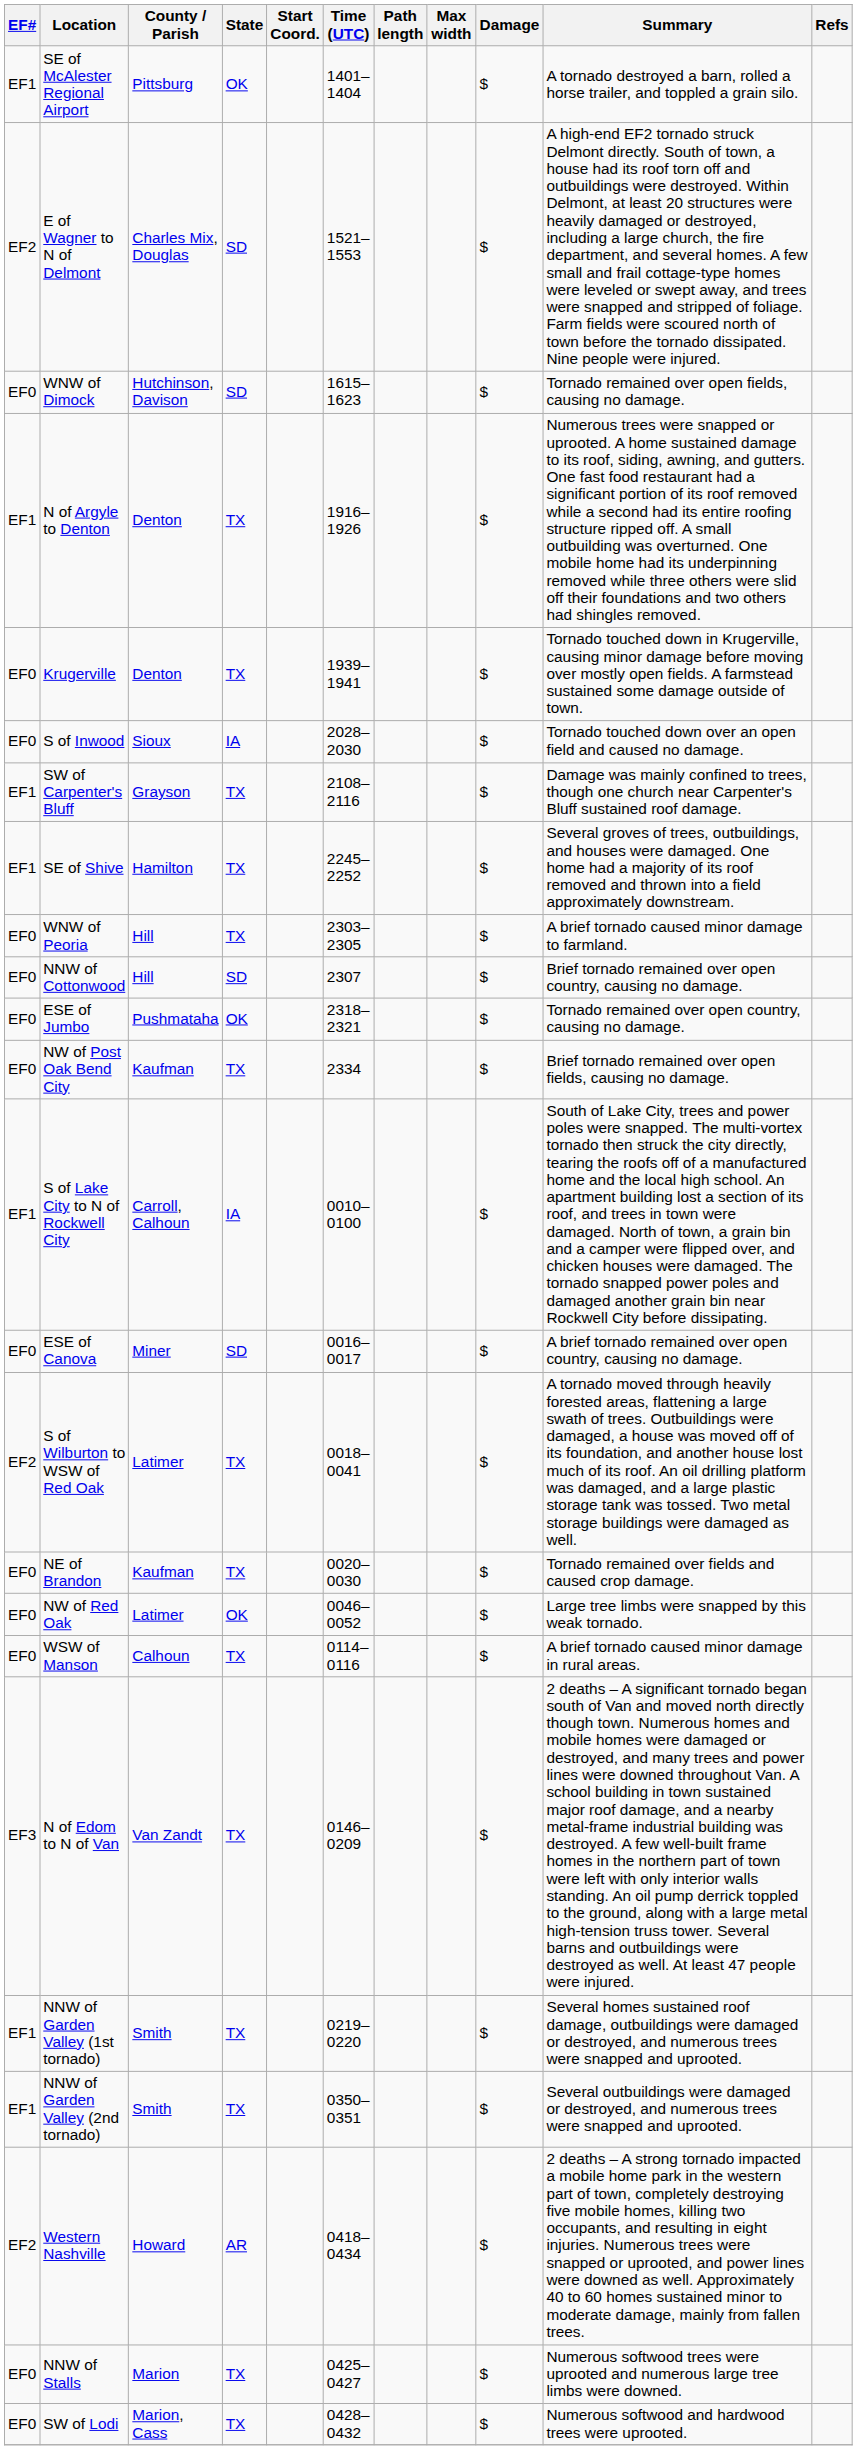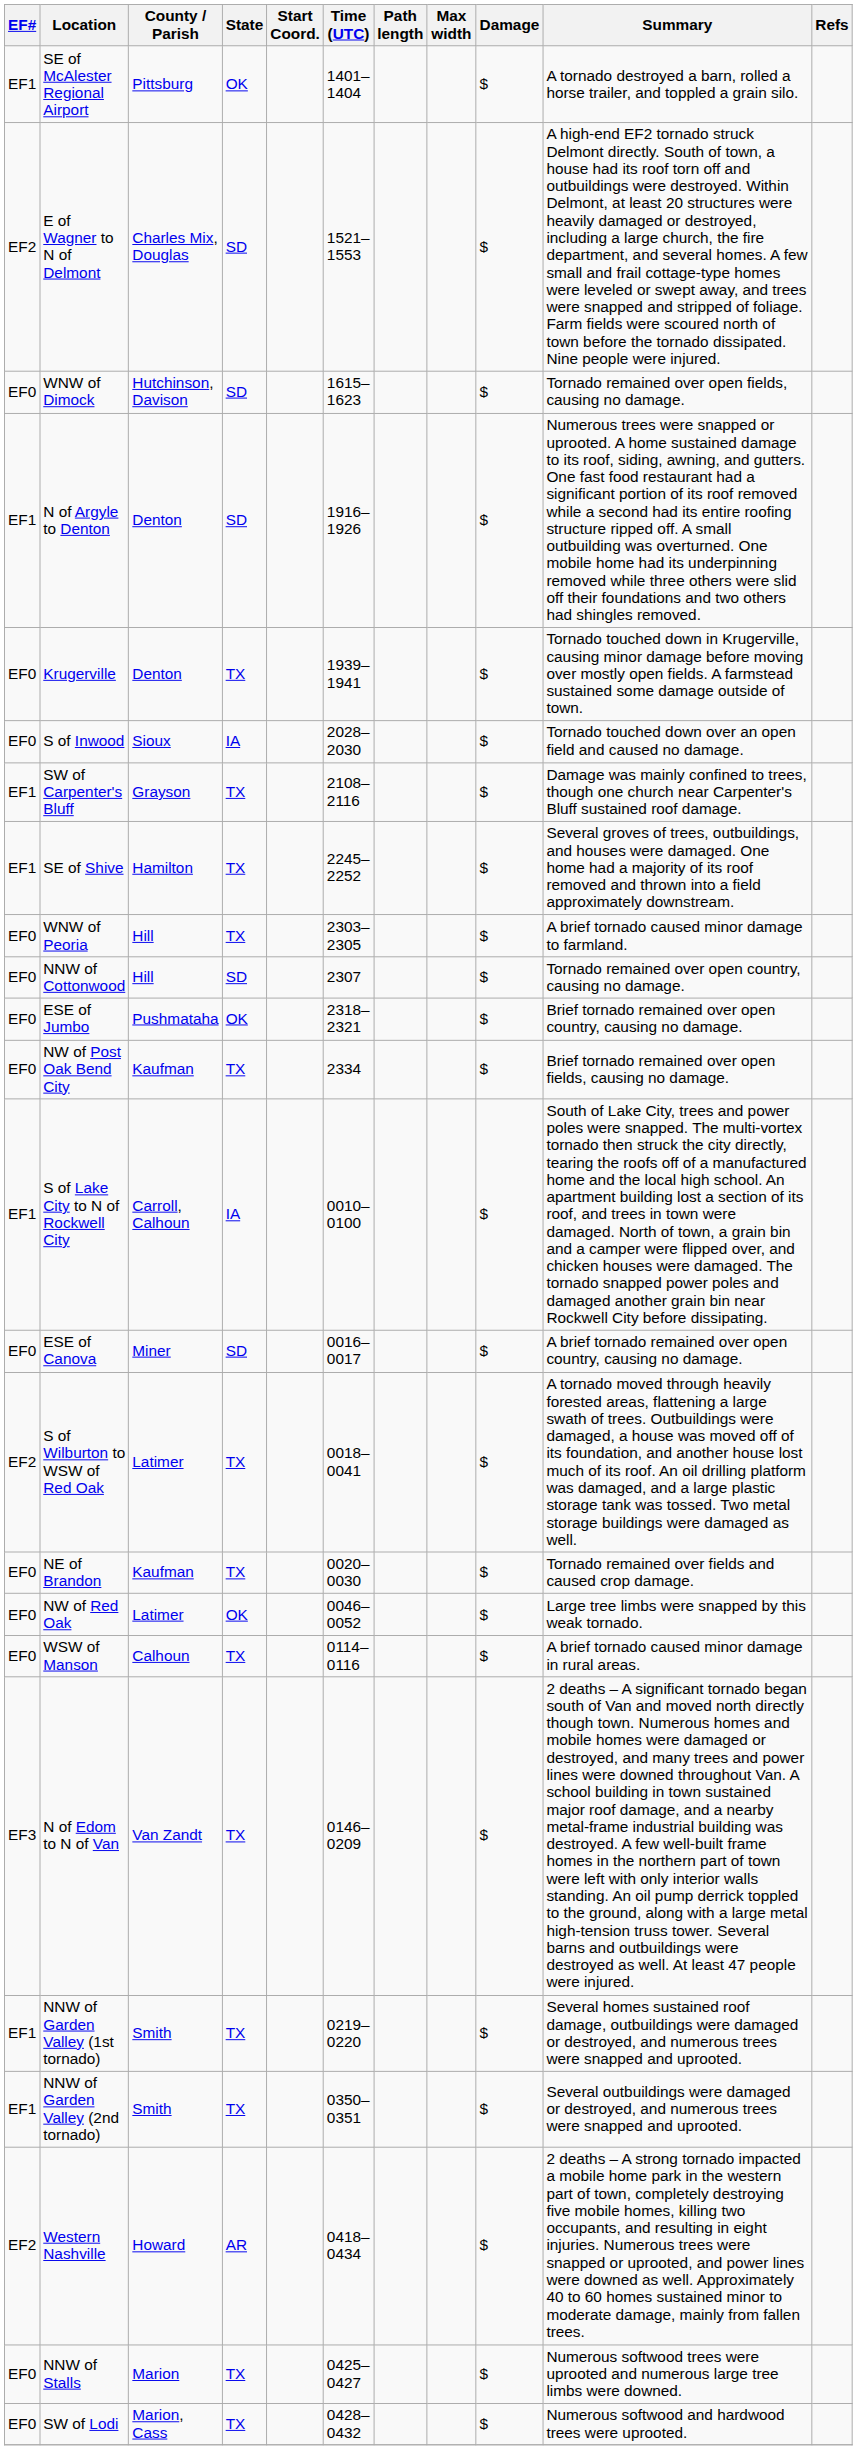 <table class="wikitable sortable" style="width:100%;">
 <tr>
 <th scope="col" width="3%" align="center"><a href='#'>EF#</a></th>
 <th scope="col" width="7%" align="center" class="unsortable">Location</th>
 <th scope="col" width="6%" align="center" class="unsortable">County / Parish</th>
 <th scope="col" width="5%" align="center">State</th>
 <th scope="col" width="6%" align="center">Start Coord.</th>
 <th scope="col" width="6%" align="center">Time (<a href='#'>UTC</a>)</th>
 <th scope="col" width="6%" align="center">Path length</th>
 <th scope="col" width="6%" align="center">Max width</th>
 <th scope="col" width="6%" align="center">Damage</th>
 <th scope="col" width="48%" class="unsortable" align="center">Summary</th>
 <th scope="col" width="48%" class="unsortable" align="center">Refs</th>
 </tr>
 <tr>
 <td>EF1</td>
 <td>SE of <a href='#'>McAlester Regional Airport</a></td>
 <td><a href='#'>Pittsburg</a></td>
 <td><a href='#'>OK</a></td>
 <td></td>
 <td>1401–1404</td>
 <td></td>
 <td></td>
 <td>$</td>
 <td>A tornado destroyed a barn, rolled a horse trailer, and toppled a grain silo.</td>
 <td></td>
 </tr>
 <tr>
 <td>EF2</td>
 <td>E of <a href='#'>Wagner</a> to N of <a href='#'>Delmont</a></td>
 <td><a href='#'>Charles Mix</a>, <a href='#'>Douglas</a></td>
 <td><a href='#'>SD</a></td>
 <td></td>
 <td>1521–1553</td>
 <td></td>
 <td></td>
 <td>$</td>
 <td>A high-end EF2 tornado struck Delmont directly. South of town, a house had its roof torn off and outbuildings were destroyed. Within Delmont, at least 20 structures were heavily damaged or destroyed, including a large church, the fire department, and several homes. A few small and frail cottage-type homes were leveled or swept away, and trees were snapped and stripped of foliage. Farm fields were scoured north of town before the tornado dissipated. Nine people were injured.</td>
 <td></td>
 </tr>
 <tr>
 <td>EF0</td>
 <td>WNW of <a href='#'>Dimock</a></td>
 <td><a href='#'>Hutchinson</a>, <a href='#'>Davison</a></td>
 <td><a href='#'>SD</a></td>
 <td></td>
 <td>1615–1623</td>
 <td></td>
 <td></td>
 <td>$</td>
 <td>Tornado remained over open fields, causing no damage.</td>
 <td></td>
 </tr>
 <tr>
 <td>EF1</td>
 <td>N of <a href='#'>Argyle</a> to <a href='#'>Denton</a></td>
 <td><a href='#'>Denton</a></td>
-<td><a href='#'>TX</a></td>
+<td><a href='#'>SD</a></td>
 <td></td>
 <td>1916–1926</td>
 <td></td>
 <td></td>
 <td>$</td>
 <td>Numerous trees were snapped or uprooted. A home sustained damage to its roof, siding, awning, and gutters. One fast food restaurant had a significant portion of its roof removed while a second had its entire roofing structure ripped off. A small outbuilding was overturned. One mobile home had its underpinning removed while three others were slid off their foundations and two others had shingles removed.</td>
 <td></td>
 </tr>
 <tr>
 <td>EF0</td>
 <td><a href='#'>Krugerville</a></td>
 <td><a href='#'>Denton</a></td>
 <td><a href='#'>TX</a></td>
 <td></td>
 <td>1939–1941</td>
 <td></td>
 <td></td>
 <td>$</td>
 <td>Tornado touched down in Krugerville, causing minor damage before moving over mostly open fields. A farmstead sustained some damage outside of town.</td>
 <td></td>
 </tr>
 <tr>
 <td>EF0</td>
 <td>S of <a href='#'>Inwood</a></td>
 <td><a href='#'>Sioux</a></td>
 <td><a href='#'>IA</a></td>
 <td></td>
 <td>2028–2030</td>
 <td></td>
 <td></td>
 <td>$</td>
 <td>Tornado touched down over an open field and caused no damage.</td>
 <td></td>
 </tr>
 <tr>
 <td>EF1</td>
 <td>SW of <a href='#'>Carpenter's Bluff</a></td>
 <td><a href='#'>Grayson</a></td>
 <td><a href='#'>TX</a></td>
 <td></td>
 <td>2108–2116</td>
 <td></td>
 <td></td>
 <td>$</td>
 <td>Damage was mainly confined to trees, though one church near Carpenter's Bluff sustained roof damage.</td>
 <td></td>
 </tr>
 <tr>
 <td>EF1</td>
 <td>SE of <a href='#'>Shive</a></td>
 <td><a href='#'>Hamilton</a></td>
 <td><a href='#'>TX</a></td>
 <td></td>
 <td>2245–2252</td>
 <td></td>
 <td></td>
 <td>$</td>
 <td>Several groves of trees, outbuildings, and houses were damaged. One home had a majority of its roof removed and thrown into a field approximately  downstream.</td>
 <td></td>
 </tr>
 <tr>
 <td>EF0</td>
 <td>WNW of <a href='#'>Peoria</a></td>
 <td><a href='#'>Hill</a></td>
 <td><a href='#'>TX</a></td>
 <td></td>
 <td>2303–2305</td>
 <td></td>
 <td></td>
 <td>$</td>
 <td>A brief tornado caused minor damage to farmland.</td>
 <td></td>
 </tr>
 <tr>
 <td>EF0</td>
 <td>NNW of <a href='#'>Cottonwood</a></td>
 <td><a href='#'>Hill</a></td>
 <td><a href='#'>SD</a></td>
 <td></td>
 <td>2307</td>
 <td></td>
 <td></td>
 <td>$</td>
-<td>Brief tornado remained over open country, causing no damage.</td>
+<td>Tornado remained over open country, causing no damage.</td>
 <td></td>
 </tr>
 <tr>
 <td>EF0</td>
 <td>ESE of <a href='#'>Jumbo</a></td>
 <td><a href='#'>Pushmataha</a></td>
 <td><a href='#'>OK</a></td>
 <td></td>
 <td>2318–2321</td>
 <td></td>
 <td></td>
 <td>$</td>
-<td>Tornado remained over open country, causing no damage.</td>
+<td>Brief tornado remained over open country, causing no damage.</td>
 <td></td>
 </tr>
 <tr>
 <td>EF0</td>
 <td>NW of <a href='#'>Post Oak Bend City</a></td>
 <td><a href='#'>Kaufman</a></td>
 <td><a href='#'>TX</a></td>
 <td></td>
 <td>2334</td>
 <td></td>
 <td></td>
 <td>$</td>
 <td>Brief tornado remained over open fields, causing no damage.</td>
 <td></td>
 </tr>
 <tr>
 <td>EF1</td>
 <td>S of <a href='#'>Lake City</a> to N of <a href='#'>Rockwell City</a></td>
 <td><a href='#'>Carroll</a>, <a href='#'>Calhoun</a></td>
 <td><a href='#'>IA</a></td>
 <td></td>
 <td>0010–0100</td>
 <td></td>
 <td></td>
 <td>$</td>
 <td>South of Lake City, trees and power poles were snapped. The multi-vortex tornado then struck the city directly, tearing the roofs off of a manufactured home and the local high school. An apartment building lost a section of its roof, and trees in town were damaged. North of town, a grain bin and a camper were flipped over, and chicken houses were damaged. The tornado snapped power poles and damaged another grain bin near Rockwell City before dissipating.</td>
 <td></td>
 </tr>
 <tr>
 <td>EF0</td>
 <td>ESE of <a href='#'>Canova</a></td>
 <td><a href='#'>Miner</a></td>
 <td><a href='#'>SD</a></td>
 <td></td>
 <td>0016–0017</td>
 <td></td>
 <td></td>
 <td>$</td>
 <td>A brief tornado remained over open country, causing no damage.</td>
 <td></td>
 </tr>
 <tr>
 <td>EF2</td>
 <td>S of <a href='#'>Wilburton</a> to WSW of <a href='#'>Red Oak</a></td>
 <td><a href='#'>Latimer</a></td>
 <td><a href='#'>TX</a></td>
 <td></td>
 <td>0018–0041</td>
 <td></td>
 <td></td>
 <td>$</td>
 <td>A tornado moved through heavily forested areas, flattening a large swath of trees. Outbuildings were damaged, a house was moved off of its foundation, and another house lost much of its roof. An oil drilling platform was damaged, and a large plastic storage tank was tossed. Two metal storage buildings were damaged as well.</td>
 <td></td>
 </tr>
 <tr>
 <td>EF0</td>
 <td>NE of <a href='#'>Brandon</a></td>
 <td><a href='#'>Kaufman</a></td>
 <td><a href='#'>TX</a></td>
 <td></td>
 <td>0020–0030</td>
 <td></td>
 <td></td>
 <td>$</td>
 <td>Tornado remained over fields and caused crop damage.</td>
 <td></td>
 </tr>
 <tr>
 <td>EF0</td>
 <td>NW of <a href='#'>Red Oak</a></td>
 <td><a href='#'>Latimer</a></td>
 <td><a href='#'>OK</a></td>
 <td></td>
 <td>0046–0052</td>
 <td></td>
 <td></td>
 <td>$</td>
 <td>Large tree limbs were snapped by this weak tornado.</td>
 <td></td>
 </tr>
 <tr>
 <td>EF0</td>
 <td>WSW of <a href='#'>Manson</a></td>
 <td><a href='#'>Calhoun</a></td>
 <td><a href='#'>TX</a></td>
 <td></td>
 <td>0114–0116</td>
 <td></td>
 <td></td>
 <td>$</td>
 <td>A brief tornado caused minor damage in rural areas.</td>
 <td></td>
 </tr>
 <tr>
 <td>EF3</td>
 <td>N of <a href='#'>Edom</a> to N of <a href='#'>Van</a></td>
 <td><a href='#'>Van Zandt</a></td>
 <td><a href='#'>TX</a></td>
 <td></td>
 <td>0146–0209</td>
 <td></td>
 <td></td>
 <td>$</td>
 <td>2 deaths – A significant tornado began south of Van and moved north directly though town. Numerous homes and mobile homes were damaged or destroyed, and many trees and power lines were downed throughout Van. A school building in town sustained major roof damage, and a nearby metal-frame industrial building was destroyed. A few well-built frame homes in the northern part of town were left with only interior walls standing. An oil pump derrick toppled to the ground, along with a large metal high-tension truss tower. Several barns and outbuildings were destroyed as well. At least 47 people were injured.</td>
 <td></td>
 </tr>
 <tr>
 <td>EF1</td>
 <td>NNW of <a href='#'>Garden Valley</a> (1st tornado)</td>
 <td><a href='#'>Smith</a></td>
 <td><a href='#'>TX</a></td>
 <td></td>
 <td>0219–0220</td>
 <td></td>
 <td></td>
 <td>$</td>
 <td>Several homes sustained roof damage, outbuildings were damaged or destroyed, and numerous trees were snapped and uprooted.</td>
 <td></td>
 </tr>
 <tr>
 <td>EF1</td>
 <td>NNW of <a href='#'>Garden Valley</a> (2nd tornado)</td>
 <td><a href='#'>Smith</a></td>
 <td><a href='#'>TX</a></td>
 <td></td>
 <td>0350–0351</td>
 <td></td>
 <td></td>
 <td>$</td>
 <td>Several outbuildings were damaged or destroyed, and numerous trees were snapped and uprooted.</td>
 <td></td>
 </tr>
 <tr>
 <td>EF2</td>
 <td><a href='#'>Western Nashville</a></td>
 <td><a href='#'>Howard</a></td>
 <td><a href='#'>AR</a></td>
 <td></td>
 <td>0418–0434</td>
 <td></td>
 <td></td>
 <td>$</td>
 <td>2 deaths – A strong tornado impacted a mobile home park in the western part of town, completely destroying five mobile homes, killing two occupants, and resulting in eight injuries. Numerous trees were snapped or uprooted, and power lines were downed as well. Approximately 40 to 60 homes sustained minor to moderate damage, mainly from fallen trees.</td>
 <td></td>
 </tr>
 <tr>
 <td>EF0</td>
 <td>NNW of <a href='#'>Stalls</a></td>
 <td><a href='#'>Marion</a></td>
 <td><a href='#'>TX</a></td>
 <td></td>
 <td>0425–0427</td>
 <td></td>
 <td></td>
 <td>$</td>
 <td>Numerous softwood trees were uprooted and numerous large tree limbs were downed.</td>
 <td></td>
 </tr>
 <tr>
 <td>EF0</td>
 <td>SW of <a href='#'>Lodi</a></td>
 <td><a href='#'>Marion</a>, <a href='#'>Cass</a></td>
 <td><a href='#'>TX</a></td>
 <td></td>
 <td>0428–0432</td>
 <td></td>
 <td></td>
 <td>$</td>
 <td>Numerous softwood and hardwood trees were uprooted.</td>
 <td></td>
 </tr>
 <tr>
 </tr>
 </table>
